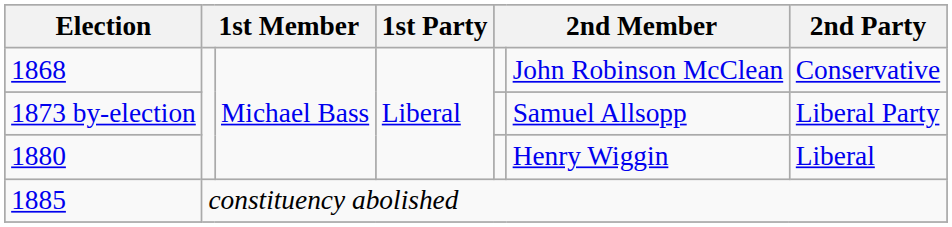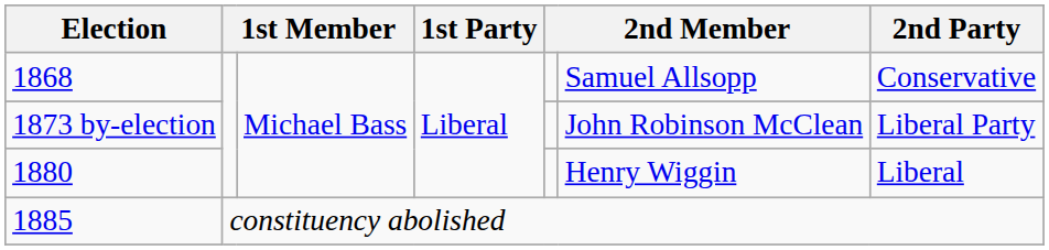 <table class="wikitable">
 <tr>
 <th>Election</th>
 <th colspan="2">1st Member</th>
 <th>1st Party</th>
 <th colspan="2">2nd Member</th>
 <th>2nd Party</th>
 </tr>
 <tr>
 <td><a href='#'>1868</a></td>
 <td rowspan="3" style="color:inherit;background-color: "></td>
 <td rowspan="3"><a href='#'>Michael Bass</a></td>
 <td rowspan="3"><a href='#'>Liberal</a></td>
 <td style="color:inherit;background-color: "></td>
-<td><a href='#'>John Robinson McClean</a></td>
+<td><a href='#'>Samuel Allsopp</a></td>
 <td><a href='#'>Conservative</a></td>
 </tr>
 <tr>
 <td><a href='#'>1873 by-election</a></td>
 <td style="color:inherit;background-color: "></td>
-<td><a href='#'>Samuel Allsopp</a></td>
+<td><a href='#'>John Robinson McClean</a></td>
 <td><a href='#'>Liberal Party</a></td>
 </tr>
 <tr>
 <td><a href='#'>1880</a></td>
 <td style="color:inherit;background-color: "></td>
 <td><a href='#'>Henry Wiggin</a></td>
 <td><a href='#'>Liberal</a></td>
 </tr>
 <tr>
 <td><a href='#'>1885</a></td>
 <td colspan="6"><em>constituency abolished</em></td>
 </tr>
 </table>
